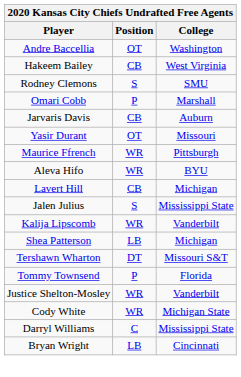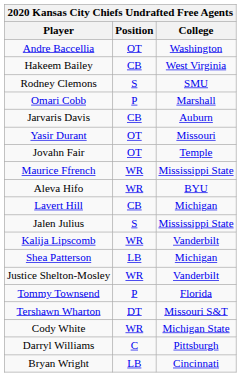 <table class="wikitable" style="text-align:center">
 <tr>
 <th colspan=3>2020 Kansas City Chiefs Undrafted Free Agents</th>
 </tr>
 <tr>
 <th>Player</th>
 <th>Position</th>
 <th>College</th>
 </tr>
 <tr>
 <td><a href='#'>Andre Baccellia</a></td>
 <td><a href='#'>OT</a></td>
 <td><a href='#'>Washington</a></td>
 </tr>
 <tr>
 <td>Hakeem Bailey</td>
 <td><a href='#'>CB</a></td>
 <td><a href='#'>West Virginia</a></td>
 </tr>
 <tr>
 <td>Rodney Clemons</td>
 <td><a href='#'>S</a></td>
 <td><a href='#'>SMU</a></td>
 </tr>
 <tr>
 <td><a href='#'>Omari Cobb</a></td>
 <td><a href='#'>P</a></td>
 <td><a href='#'>Marshall</a></td>
 </tr>
 <tr>
 <td>Jarvaris Davis</td>
 <td><a href='#'>CB</a></td>
 <td><a href='#'>Auburn</a></td>
 </tr>
 <tr>
 <td><a href='#'>Yasir Durant</a></td>
 <td><a href='#'>OT</a></td>
 <td><a href='#'>Missouri</a></td>
 </tr>
 <tr>
+<td>Jovahn Fair</td>
+<td><a href='#'>OT</a></td>
+<td><a href='#'>Temple</a></td>
+</tr>
+<tr>
 <td><a href='#'>Maurice Ffrench</a></td>
 <td><a href='#'>WR</a></td>
-<td><a href='#'>Pittsburgh</a></td>
+<td><a href='#'>Mississippi State</a></td>
 </tr>
 <tr>
 <td>Aleva Hifo</td>
 <td><a href='#'>WR</a></td>
 <td><a href='#'>BYU</a></td>
 </tr>
 <tr>
 <td><a href='#'>Lavert Hill</a></td>
 <td><a href='#'>CB</a></td>
 <td><a href='#'>Michigan</a></td>
 </tr>
 <tr>
 <td>Jalen Julius</td>
 <td><a href='#'>S</a></td>
 <td><a href='#'>Mississippi State</a></td>
 </tr>
 <tr>
 <td><a href='#'>Kalija Lipscomb</a></td>
 <td><a href='#'>WR</a></td>
 <td><a href='#'>Vanderbilt</a></td>
 </tr>
 <tr>
 <td><a href='#'>Shea Patterson</a></td>
 <td><a href='#'>LB</a></td>
 <td><a href='#'>Michigan</a></td>
 </tr>
 <tr>
-<td><a href='#'>Tershawn Wharton</a></td>
-<td><a href='#'>DT</a></td>
-<td><a href='#'>Missouri S&T</a></td>
+<td>Justice Shelton-Mosley</td>
+<td><a href='#'>WR</a></td>
+<td><a href='#'>Vanderbilt</a></td>
 </tr>
 <tr>
 <td><a href='#'>Tommy Townsend</a></td>
 <td><a href='#'>P</a></td>
 <td><a href='#'>Florida</a></td>
 </tr>
 <tr>
-<td>Justice Shelton-Mosley</td>
-<td><a href='#'>WR</a></td>
-<td><a href='#'>Vanderbilt</a></td>
+<td><a href='#'>Tershawn Wharton</a></td>
+<td><a href='#'>DT</a></td>
+<td><a href='#'>Missouri S&T</a></td>
 </tr>
 <tr>
 <td>Cody White</td>
 <td><a href='#'>WR</a></td>
 <td><a href='#'>Michigan State</a></td>
 </tr>
 <tr>
 <td>Darryl Williams</td>
 <td><a href='#'>C</a></td>
-<td><a href='#'>Mississippi State</a></td>
+<td><a href='#'>Pittsburgh</a></td>
 </tr>
 <tr>
 <td>Bryan Wright</td>
 <td><a href='#'>LB</a></td>
 <td><a href='#'>Cincinnati</a></td>
 </tr>
 </table>
